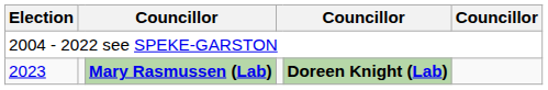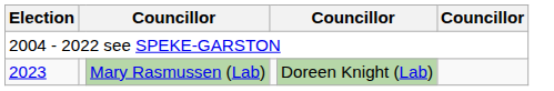 <table class="wikitable">
 <tr>
 <th>Election</th>
 <th colspan="2">Councillor</th>
 <th colspan="2">Councillor</th>
 <th colspan="2">Councillor</th>
 </tr>
 <tr>
 <td colspan="8" bgcolor="#FFF"><div>2004 - 2022 see <a href='#'>SPEKE-GARSTON</a></div></td>
 </tr>
 <tr>
 <td><a href='#'>2023</a></td>
 <td style="background-color:"></td>
-<td bgcolor="#B6D7A8"><strong><a href='#'>Mary Rasmussen</a> (<a href='#'>Lab</a>)</strong></td>
+<td bgcolor="#B6D7A8"><a href='#'>Mary Rasmussen</a> (<a href='#'>Lab</a>)</td>
 <td style="background-color:"></td>
-<td bgcolor="#B6D7A8"><strong>Doreen Knight (<a href='#'>Lab</a>)</strong></td>
+<td bgcolor="#B6D7A8">Doreen Knight (<a href='#'>Lab</a>)</td>
 </tr>
 </table>
